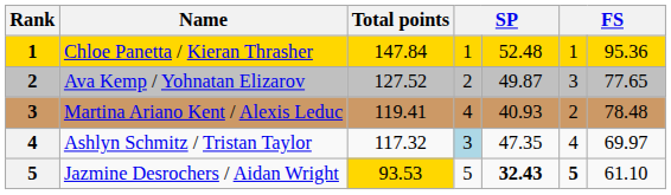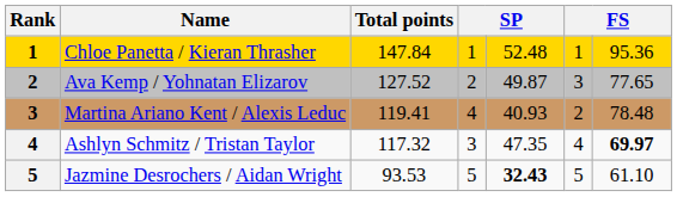 <table class="wikitable sortable">
 <tr>
 <th>Rank</th>
 <th>Name</th>
 <th>Total points</th>
 <th colspan="2" width="80px"><a href='#'>SP</a></th>
 <th colspan="2" width="80px"><a href='#'>FS</a></th>
 </tr>
 <tr bgcolor="gold">
 <td align="center"><strong>1</strong></td>
 <td><a href='#'>Chloe Panetta</a> / <a href='#'>Kieran Thrasher</a></td>
 <td align="center">147.84</td>
 <td align="center">1</td>
 <td align="center">52.48</td>
 <td align="center">1</td>
 <td align="center">95.36</td>
 </tr>
 <tr bgcolor="silver">
 <td align="center"><strong>2</strong></td>
 <td><a href='#'>Ava Kemp</a> / <a href='#'>Yohnatan Elizarov</a></td>
 <td align="center">127.52</td>
 <td align="center">2</td>
 <td align="center">49.87</td>
 <td align="center">3</td>
 <td align="center">77.65</td>
 </tr>
 <tr bgcolor="cc9966">
 <td align="center"><strong>3</strong></td>
 <td><a href='#'>Martina Ariano Kent</a> / <a href='#'>Alexis Leduc</a></td>
 <td align="center">119.41</td>
 <td align="center">4</td>
 <td align="center">40.93</td>
 <td align="center">2</td>
 <td align="center">78.48</td>
 </tr>
 <tr>
 <th>4</th>
 <td><a href='#'>Ashlyn Schmitz</a> / <a href='#'>Tristan Taylor</a></td>
 <td align="center">117.32</td>
-<td align="center" style="background: lightblue;">3</td>
+<td align="center">3</td>
 <td align="center">47.35</td>
 <td align="center">4</td>
-<td align="center">69.97</td>
+<td align="center"><strong>69.97</strong></td>
 </tr>
 <tr>
 <th>5</th>
 <td><a href='#'>Jazmine Desrochers</a> / <a href='#'>Aidan Wright</a></td>
-<td align="center" style="background: gold;">93.53</td>
+<td align="center">93.53</td>
 <td align="center">5</td>
 <td align="center"><strong>32.43</strong></td>
-<td align="center"><strong>5</strong></td>
+<td align="center">5</td>
 <td align="center">61.10</td>
 </tr>
 </table>
